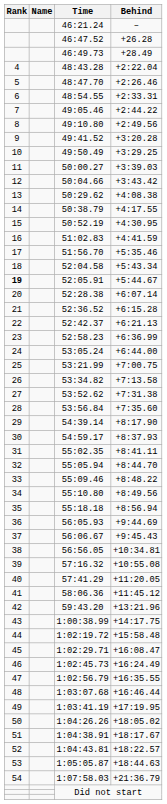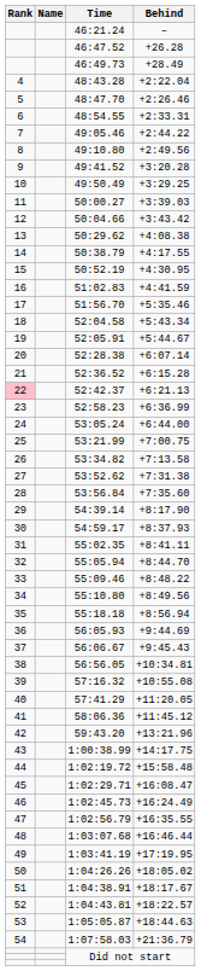 <table class="wikitable" style="text-align:center">
 <tr>
 <th>Rank</th>
 <th>Name</th>
 <th>Time</th>
 <th>Behind</th>
 </tr>
 <tr>
 <td></td>
 <td align=left></td>
 <td>46:21.24</td>
 <td>–</td>
 </tr>
 <tr>
 <td></td>
 <td align=left></td>
 <td>46:47.52</td>
 <td>+26.28</td>
 </tr>
 <tr>
 <td></td>
 <td align=left></td>
 <td>46:49.73</td>
 <td>+28.49</td>
 </tr>
 <tr>
 <td>4</td>
 <td align=left></td>
 <td>48:43.28</td>
 <td>+2:22.04</td>
 </tr>
 <tr>
 <td>5</td>
 <td align=left></td>
 <td>48:47.70</td>
 <td>+2:26.46</td>
 </tr>
 <tr>
 <td>6</td>
 <td align=left></td>
 <td>48:54.55</td>
 <td>+2:33.31</td>
 </tr>
 <tr>
 <td>7</td>
 <td align=left></td>
 <td>49:05.46</td>
 <td>+2:44.22</td>
 </tr>
 <tr>
 <td>8</td>
 <td align=left></td>
 <td>49:10.80</td>
 <td>+2:49.56</td>
 </tr>
 <tr>
 <td>9</td>
 <td align=left></td>
 <td>49:41.52</td>
 <td>+3:20.28</td>
 </tr>
 <tr>
 <td>10</td>
 <td align=left></td>
 <td>49:50.49</td>
 <td>+3:29.25</td>
 </tr>
 <tr>
 <td>11</td>
 <td align=left></td>
 <td>50:00.27</td>
 <td>+3:39.03</td>
 </tr>
 <tr>
 <td>12</td>
 <td align=left></td>
 <td>50:04.66</td>
 <td>+3:43.42</td>
 </tr>
 <tr>
 <td>13</td>
 <td align=left></td>
 <td>50:29.62</td>
 <td>+4:08.38</td>
 </tr>
 <tr>
 <td>14</td>
 <td align=left></td>
 <td>50:38.79</td>
 <td>+4:17.55</td>
 </tr>
 <tr>
 <td>15</td>
 <td align=left></td>
 <td>50:52.19</td>
 <td>+4:30.95</td>
 </tr>
 <tr>
 <td>16</td>
 <td align=left></td>
 <td>51:02.83</td>
 <td>+4:41.59</td>
 </tr>
 <tr>
 <td>17</td>
 <td align=left></td>
 <td>51:56.70</td>
 <td>+5:35.46</td>
 </tr>
 <tr>
 <td>18</td>
 <td align=left></td>
 <td>52:04.58</td>
 <td>+5:43.34</td>
 </tr>
 <tr>
-<td><strong>19</strong></td>
+<td>19</td>
 <td align=left></td>
 <td>52:05.91</td>
 <td>+5:44.67</td>
 </tr>
 <tr>
 <td>20</td>
 <td align=left></td>
 <td>52:28.38</td>
 <td>+6:07.14</td>
 </tr>
 <tr>
 <td>21</td>
 <td align=left></td>
 <td>52:36.52</td>
 <td>+6:15.28</td>
 </tr>
 <tr>
-<td>22</td>
+<td style="background: pink;">22</td>
 <td align=left></td>
 <td>52:42.37</td>
 <td>+6:21.13</td>
 </tr>
 <tr>
 <td>23</td>
 <td align=left></td>
 <td>52:58.23</td>
 <td>+6:36.99</td>
 </tr>
 <tr>
 <td>24</td>
 <td align=left></td>
 <td>53:05.24</td>
 <td>+6:44.00</td>
 </tr>
 <tr>
 <td>25</td>
 <td align=left></td>
 <td>53:21.99</td>
 <td>+7:00.75</td>
 </tr>
 <tr>
 <td>26</td>
 <td align=left></td>
 <td>53:34.82</td>
 <td>+7:13.58</td>
 </tr>
 <tr>
 <td>27</td>
 <td align=left></td>
 <td>53:52.62</td>
 <td>+7:31.38</td>
 </tr>
 <tr>
 <td>28</td>
 <td align=left></td>
 <td>53:56.84</td>
 <td>+7:35.60</td>
 </tr>
 <tr>
 <td>29</td>
 <td align=left></td>
 <td>54:39.14</td>
 <td>+8:17.90</td>
 </tr>
 <tr>
 <td>30</td>
 <td align=left></td>
 <td>54:59.17</td>
 <td>+8:37.93</td>
 </tr>
 <tr>
 <td>31</td>
 <td align=left></td>
 <td>55:02.35</td>
 <td>+8:41.11</td>
 </tr>
 <tr>
 <td>32</td>
 <td align=left></td>
 <td>55:05.94</td>
 <td>+8:44.70</td>
 </tr>
 <tr>
 <td>33</td>
 <td align=left></td>
 <td>55:09.46</td>
 <td>+8:48.22</td>
 </tr>
 <tr>
 <td>34</td>
 <td align=left></td>
 <td>55:10.80</td>
 <td>+8:49.56</td>
 </tr>
 <tr>
 <td>35</td>
 <td align=left></td>
 <td>55:18.18</td>
 <td>+8:56.94</td>
 </tr>
 <tr>
 <td>36</td>
 <td align=left></td>
 <td>56:05.93</td>
 <td>+9:44.69</td>
 </tr>
 <tr>
 <td>37</td>
 <td align=left></td>
 <td>56:06.67</td>
 <td>+9:45.43</td>
 </tr>
 <tr>
 <td>38</td>
 <td align=left></td>
 <td>56:56.05</td>
 <td>+10:34.81</td>
 </tr>
 <tr>
 <td>39</td>
 <td align=left></td>
 <td>57:16.32</td>
 <td>+10:55.08</td>
 </tr>
 <tr>
 <td>40</td>
 <td align=left></td>
 <td>57:41.29</td>
 <td>+11:20.05</td>
 </tr>
 <tr>
 <td>41</td>
 <td align=left></td>
 <td>58:06.36</td>
 <td>+11:45.12</td>
 </tr>
 <tr>
 <td>42</td>
 <td align=left></td>
 <td>59:43.20</td>
 <td>+13:21.96</td>
 </tr>
 <tr>
 <td>43</td>
 <td align=left></td>
 <td>1:00:38.99</td>
 <td>+14:17.75</td>
 </tr>
 <tr>
 <td>44</td>
 <td align=left></td>
 <td>1:02:19.72</td>
 <td>+15:58.48</td>
 </tr>
 <tr>
 <td>45</td>
 <td align=left></td>
 <td>1:02:29.71</td>
 <td>+16:08.47</td>
 </tr>
 <tr>
 <td>46</td>
 <td align=left></td>
 <td>1:02:45.73</td>
 <td>+16:24.49</td>
 </tr>
 <tr>
 <td>47</td>
 <td align=left></td>
 <td>1:02:56.79</td>
 <td>+16:35.55</td>
 </tr>
 <tr>
 <td>48</td>
 <td align=left></td>
 <td>1:03:07.68</td>
 <td>+16:46.44</td>
 </tr>
 <tr>
 <td>49</td>
 <td align=left></td>
 <td>1:03:41.19</td>
 <td>+17:19.95</td>
 </tr>
 <tr>
 <td>50</td>
 <td align=left></td>
 <td>1:04:26.26</td>
 <td>+18:05.02</td>
 </tr>
 <tr>
 <td>51</td>
 <td align=left></td>
 <td>1:04:38.91</td>
 <td>+18:17.67</td>
 </tr>
 <tr>
 <td>52</td>
 <td align=left></td>
 <td>1:04:43.81</td>
 <td>+18:22.57</td>
 </tr>
 <tr>
 <td>53</td>
 <td align=left></td>
 <td>1:05:05.87</td>
 <td>+18:44.63</td>
 </tr>
 <tr>
 <td>54</td>
 <td align=left></td>
 <td>1:07:58.03</td>
 <td>+21:36.79</td>
 </tr>
 <tr>
 <td></td>
 <td align=left></td>
 <td colspan=2 rowspan=3>Did not start</td>
 </tr>
 <tr>
 <td></td>
 <td align=left></td>
 </tr>
 <tr>
 <td></td>
 <td align=left></td>
 </tr>
 </table>
